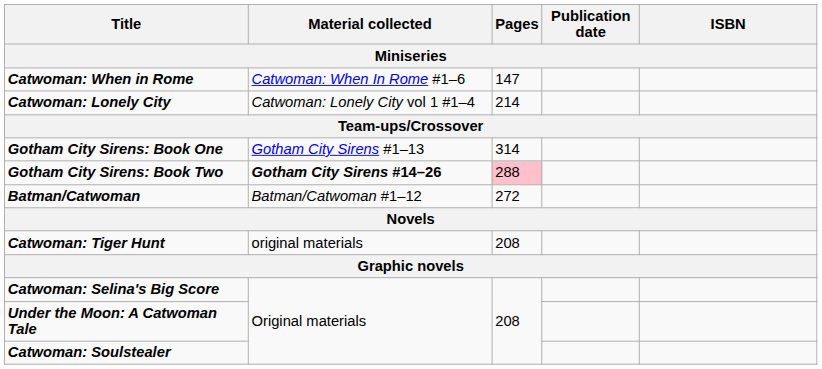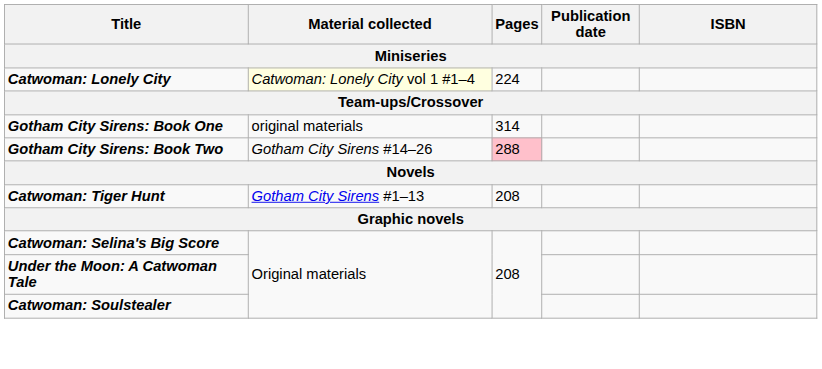 <table class="wikitable" width="100%">
 <tr>
 <th style="width:30%;">Title</th>
 <th style="width:30%;">Material collected</th>
 <th style="width:5%;">Pages</th>
 <th style="width:12%;">Publication date</th>
 <th>ISBN</th>
 </tr>
 <tr>
 <th colspan="5">Miniseries</th>
 </tr>
 <tr>
-<td><strong><em>Catwoman: When in Rome</em></strong></td>
-<td><em><a href='#'>Catwoman: When In Rome</a></em> #1–6</td>
-<td>147</td>
-<td></td>
-<td></td>
-</tr>
-<tr>
 <td><strong><em>Catwoman: Lonely City</em></strong></td>
-<td><em>Catwoman: Lonely City</em> vol 1 #1–4</td>
-<td>214</td>
+<td style="background: lightyellow;"><em>Catwoman: Lonely City</em> vol 1 #1–4</td>
+<td>224</td>
 <td></td>
 <td></td>
 </tr>
 <tr>
 <th colspan="5">Team-ups/Crossover</th>
 </tr>
 <tr>
 <td><strong><em>Gotham City Sirens: Book One</em></strong></td>
-<td><em><a href='#'>Gotham City Sirens</a></em> #1–13</td>
+<td>original materials</td>
 <td>314</td>
 <td></td>
 <td></td>
 </tr>
 <tr>
 <td><strong><em>Gotham City Sirens: Book Two</em></strong></td>
-<td><strong><em>Gotham City Sirens</em> #14–26</strong></td>
+<td><em>Gotham City Sirens</em> #14–26</td>
 <td style="background: pink;">288</td>
-<td></td>
-<td></td>
-</tr>
-<tr>
-<td><strong><em>Batman/Catwoman</em></strong></td>
-<td><em>Batman/Catwoman</em>  #1–12</td>
-<td>272</td>
 <td></td>
 <td></td>
 </tr>
 <tr>
 <th colspan="5">Novels</th>
 </tr>
 <tr>
 <td><strong><em>Catwoman: Tiger Hunt</em></strong></td>
-<td>original materials</td>
+<td><em><a href='#'>Gotham City Sirens</a></em> #1–13</td>
 <td>208</td>
 <td></td>
 <td></td>
 </tr>
 <tr>
 <th colspan="5">Graphic novels</th>
 </tr>
 <tr>
 <td><strong><em>Catwoman: Selina's Big Score</em></strong></td>
 <td rowspan="3">Original materials</td>
 <td rowspan="3">208</td>
 <td></td>
 <td></td>
 </tr>
 <tr>
 <td><strong><em>Under the Moon: A Catwoman Tale</em></strong></td>
 <td></td>
 <td></td>
 </tr>
 <tr>
 <td><strong><em>Catwoman: Soulstealer</em></strong></td>
 <td></td>
 <td></td>
 </tr>
 </table>
